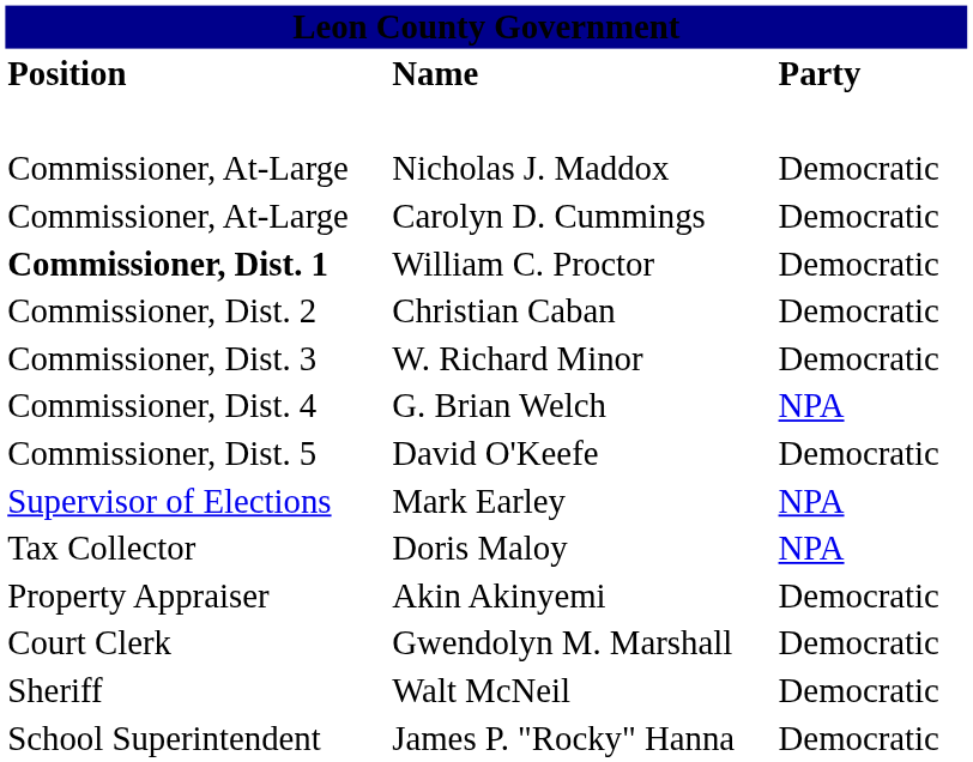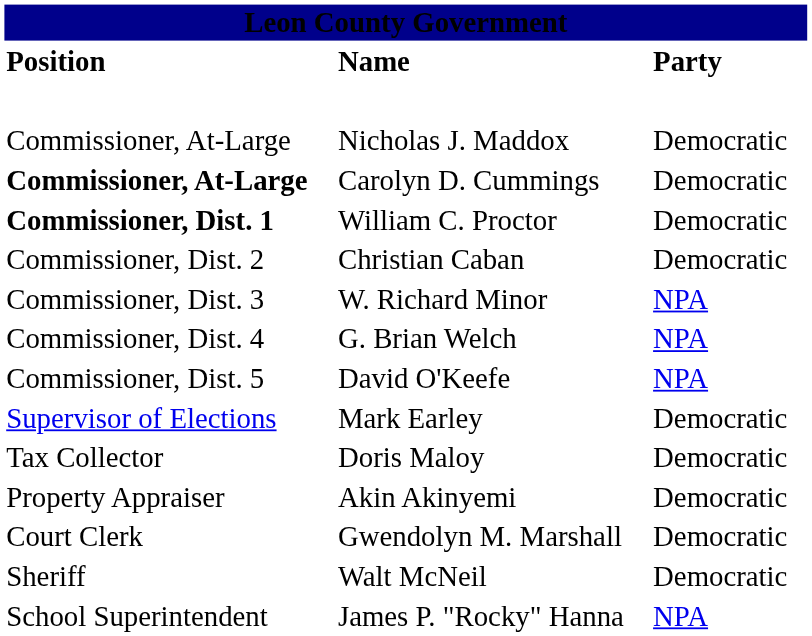 <table class="toccolours"  style="fixed:right; margin-left:1em; width:450px;">
 <tr>
 <th style="text-align: center; background:darkblue" colspan="4"><span><strong>Leon County Government</strong></span></th>
 </tr>
 <tr>
 <td><strong>Position</strong></td>
 <td><strong>Name</strong></td>
 <td><strong>Party</strong></td>
 <td></td>
 </tr>
 <tr>
 <td colspan="4"><br></td>
 </tr>
 <tr>
 <td>Commissioner, At-Large</td>
 <td>Nicholas J. Maddox</td>
 <td>Democratic</td>
 </tr>
 <tr>
-<td>Commissioner, At-Large</td>
+<td><strong>Commissioner, At-Large</strong></td>
 <td>Carolyn D. Cummings</td>
 <td>Democratic</td>
 </tr>
 <tr>
 <td><strong>Commissioner, Dist. 1</strong></td>
 <td>William C. Proctor</td>
 <td>Democratic</td>
 </tr>
 <tr>
 <td>Commissioner, Dist. 2</td>
 <td>Christian Caban</td>
 <td>Democratic</td>
 </tr>
 <tr>
 <td>Commissioner, Dist. 3</td>
 <td>W. Richard Minor</td>
-<td>Democratic</td>
+<td><a href='#'>NPA</a></td>
 </tr>
 <tr>
 <td>Commissioner, Dist. 4</td>
 <td>G. Brian Welch</td>
 <td><a href='#'>NPA</a></td>
 </tr>
 <tr>
 <td>Commissioner, Dist. 5</td>
 <td>David O'Keefe</td>
-<td>Democratic</td>
+<td><a href='#'>NPA</a></td>
 </tr>
 <tr>
 <td><a href='#'>Supervisor of Elections</a></td>
 <td>Mark Earley</td>
-<td><a href='#'>NPA</a></td>
+<td>Democratic</td>
 </tr>
 <tr>
 <td>Tax Collector</td>
 <td>Doris Maloy</td>
-<td><a href='#'>NPA</a></td>
+<td>Democratic</td>
 </tr>
 <tr>
 <td>Property Appraiser</td>
 <td>Akin Akinyemi</td>
 <td>Democratic</td>
 </tr>
 <tr>
 <td>Court Clerk</td>
 <td>Gwendolyn M. Marshall</td>
 <td>Democratic</td>
 </tr>
 <tr>
 <td>Sheriff</td>
 <td>Walt McNeil</td>
 <td>Democratic</td>
 </tr>
 <tr>
 <td>School Superintendent</td>
 <td>James P. "Rocky" Hanna</td>
-<td>Democratic</td>
+<td><a href='#'>NPA</a></td>
 </tr>
 </table>
